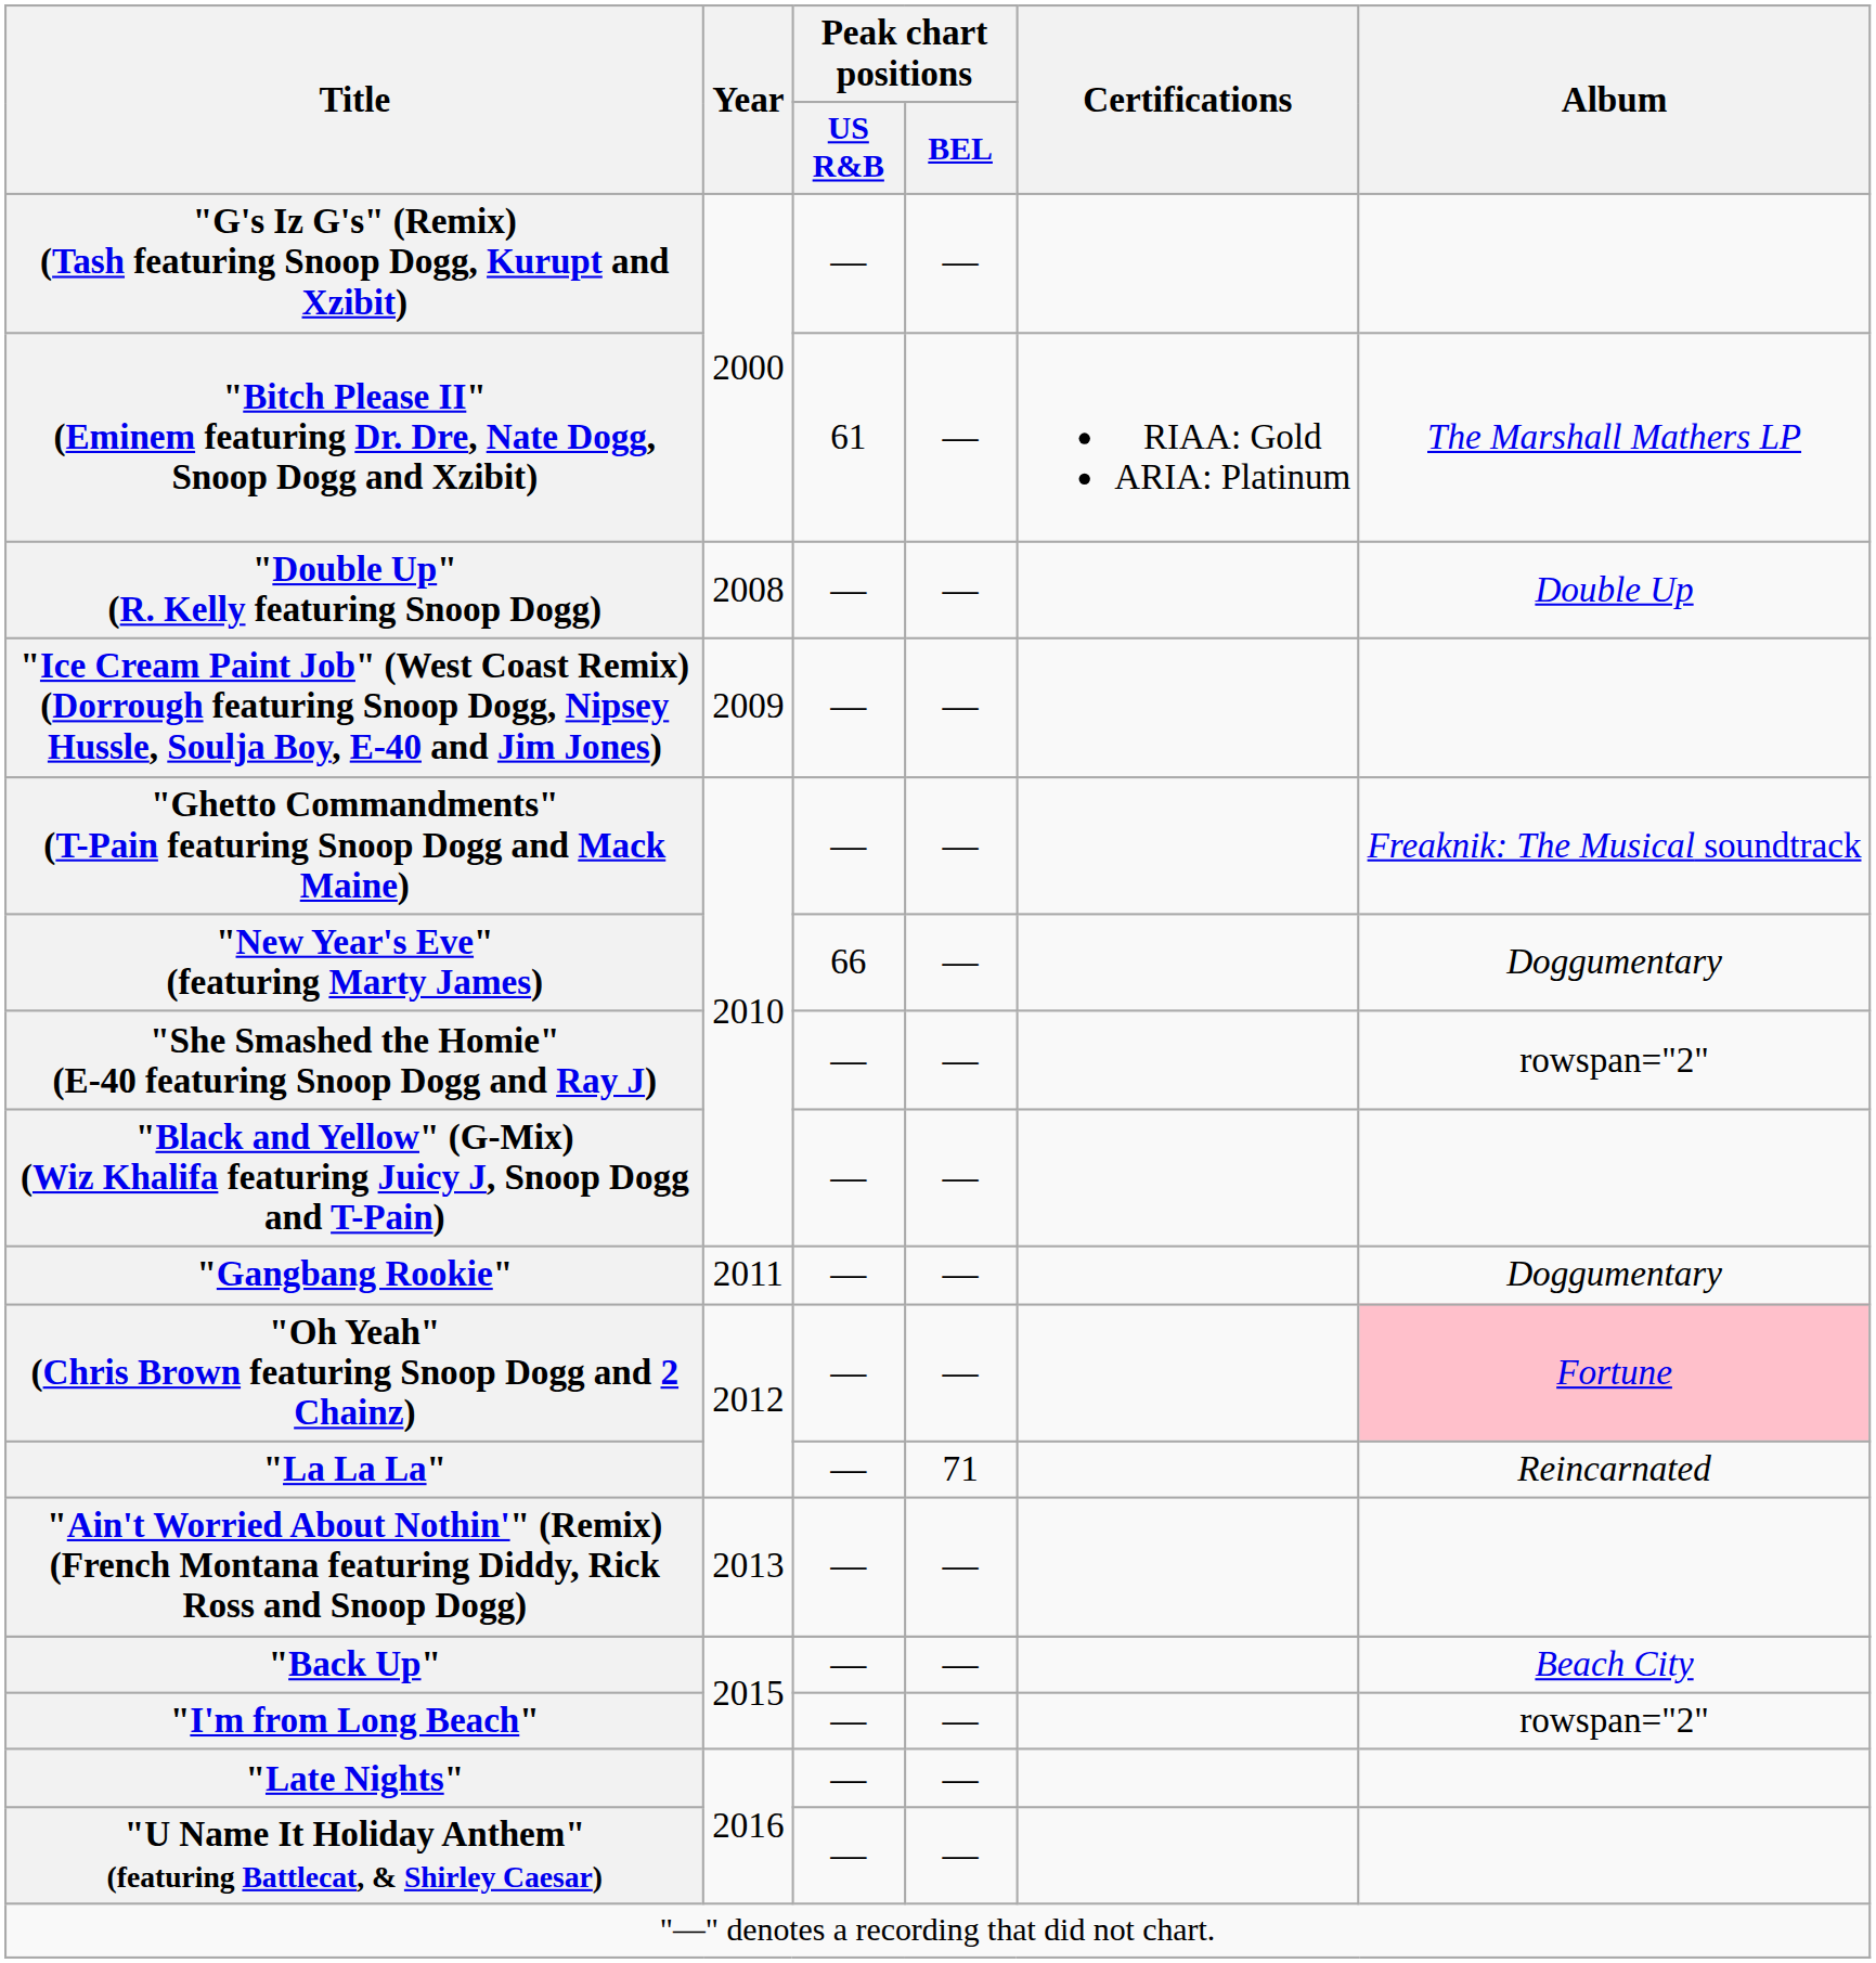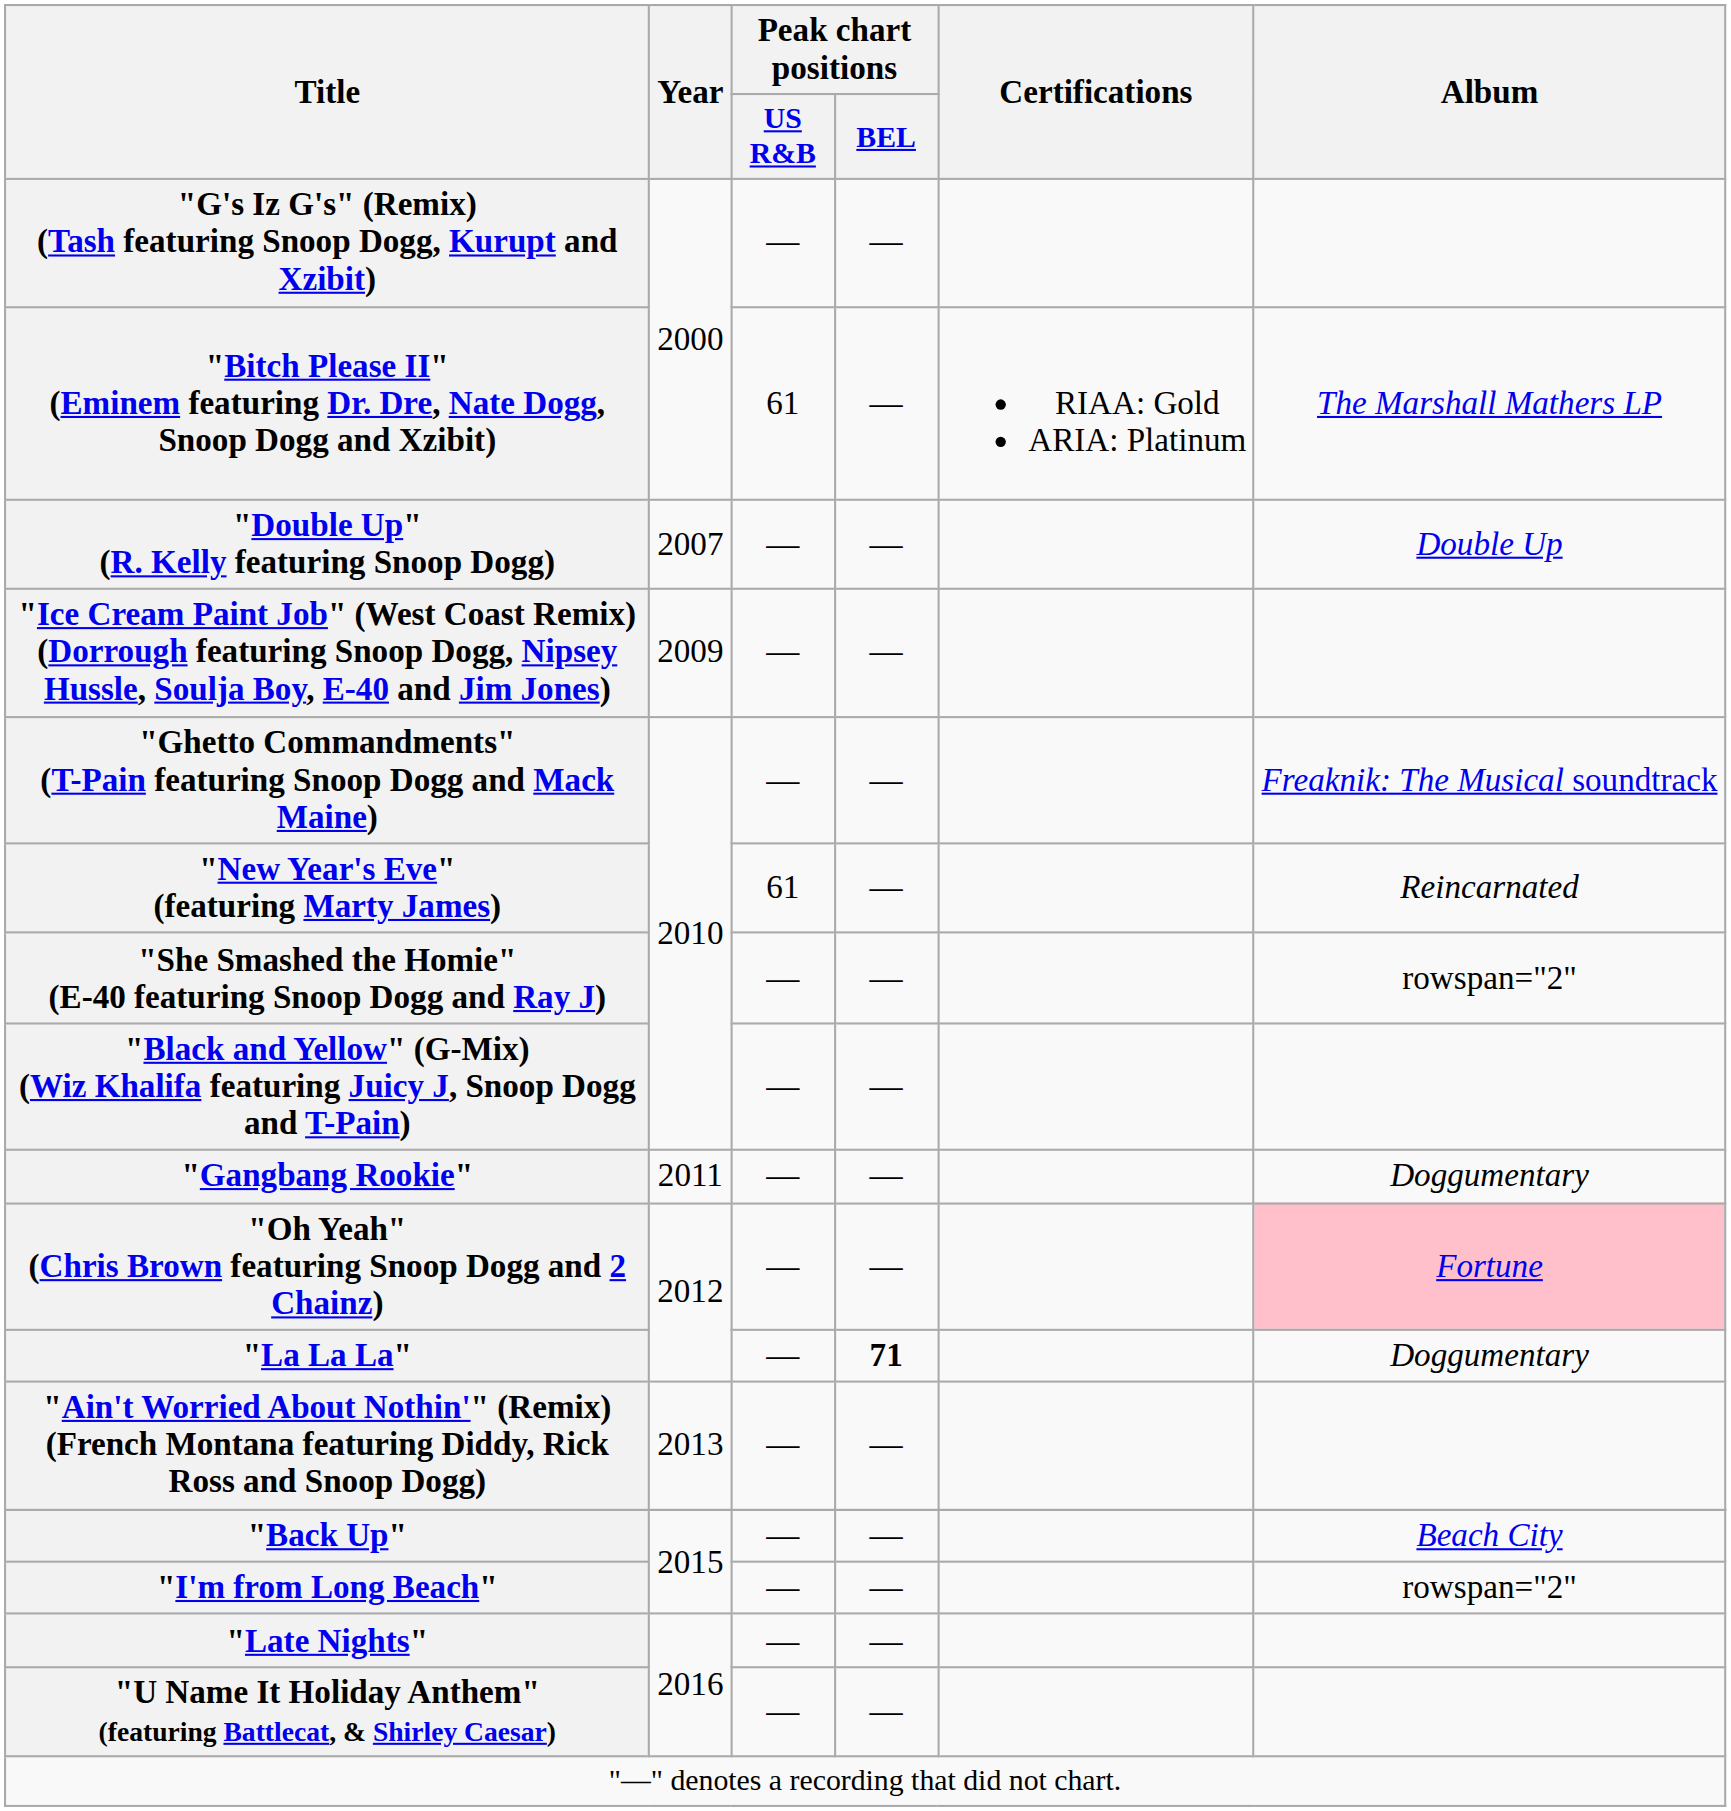 <table class="wikitable plainrowheaders" style="text-align:center;">
 <tr>
 <th scope="col" rowspan="2" style="width:19em;">Title</th>
 <th scope="col" rowspan="2">Year</th>
 <th scope="col" colspan="2">Peak chart positions</th>
 <th scope="col" rowspan="2">Certifications</th>
 <th scope="col" rowspan="2">Album</th>
 </tr>
 <tr>
 <th scope="col" style="width:3em; font-size:90%"><a href='#'>US<br>R&B</a><br></th>
 <th scope="col" style="width:3em;font-size:90%;"><a href='#'>BEL</a><br></th>
 </tr>
 <tr>
 <th scope="row">"G's Iz G's" (Remix)<br><span>(<a href='#'>Tash</a> featuring Snoop Dogg, <a href='#'>Kurupt</a> and <a href='#'>Xzibit</a>)</span></th>
 <td rowspan="2">2000</td>
 <td>—</td>
 <td>—</td>
 <td></td>
 <td></td>
 </tr>
 <tr>
 <th scope="row">"<a href='#'>Bitch Please II</a>"<br><span>(<a href='#'>Eminem</a> featuring <a href='#'>Dr. Dre</a>, <a href='#'>Nate Dogg</a>, Snoop Dogg and Xzibit)</span></th>
 <td>61</td>
 <td>—</td>
 <td><br><ul><li>RIAA: Gold</li><li>ARIA: Platinum</li></ul></td>
 <td><em><a href='#'>The Marshall Mathers LP</a></em></td>
 </tr>
 <tr>
 <th scope="row">"<a href='#'>Double Up</a>"<br><span>(<a href='#'>R. Kelly</a> featuring Snoop Dogg)</span></th>
-<td>2008</td>
+<td>2007</td>
 <td>—</td>
 <td>—</td>
 <td></td>
 <td><em><a href='#'>Double Up</a></em></td>
 </tr>
 <tr>
 <th scope="row">"<a href='#'>Ice Cream Paint Job</a>" (West Coast Remix)<br><span>(<a href='#'>Dorrough</a> featuring Snoop Dogg, <a href='#'>Nipsey Hussle</a>, <a href='#'>Soulja Boy</a>, <a href='#'>E-40</a> and <a href='#'>Jim Jones</a>)</span></th>
 <td>2009</td>
 <td>—</td>
 <td>—</td>
 <td></td>
 <td></td>
 </tr>
 <tr>
 <th scope="row">"Ghetto Commandments"<br><span>(<a href='#'>T-Pain</a> featuring Snoop Dogg and <a href='#'>Mack Maine</a>)</span></th>
 <td rowspan="4">2010</td>
 <td>—</td>
 <td>—</td>
 <td></td>
 <td><a href='#'><em>Freaknik: The Musical</em> soundtrack</a></td>
 </tr>
 <tr>
 <th scope="row">"<a href='#'>New Year's Eve</a>"<br><span>(featuring <a href='#'>Marty James</a>)</span></th>
-<td>66</td>
+<td>61</td>
 <td>—</td>
 <td></td>
-<td><em>Doggumentary</em></td>
+<td><em>Reincarnated</em></td>
 </tr>
 <tr>
 <th scope="row">"She Smashed the Homie"<br><span>(E-40 featuring Snoop Dogg and <a href='#'>Ray J</a>)</span></th>
 <td>—</td>
 <td>—</td>
 <td></td>
 <td>rowspan="2" </td>
 </tr>
 <tr>
 <th scope="row">"<a href='#'>Black and Yellow</a>" (G-Mix)<br><span>(<a href='#'>Wiz Khalifa</a> featuring <a href='#'>Juicy J</a>, Snoop Dogg and <a href='#'>T-Pain</a>)</span></th>
 <td>—</td>
 <td>—</td>
 <td></td>
 </tr>
 <tr>
 <th scope="row">"<a href='#'>Gangbang Rookie</a>"</th>
 <td>2011</td>
 <td>—</td>
 <td>—</td>
 <td></td>
 <td><em>Doggumentary</em></td>
 </tr>
 <tr>
 <th scope="row">"Oh Yeah"<br><span>(<a href='#'>Chris Brown</a> featuring Snoop Dogg and <a href='#'>2 Chainz</a>)</span></th>
 <td rowspan="2">2012</td>
 <td>—</td>
 <td>—</td>
 <td></td>
 <td style="background: pink;"><em><a href='#'>Fortune</a></em></td>
 </tr>
 <tr>
 <th scope="row">"<a href='#'>La La La</a>"</th>
 <td>—</td>
-<td>71</td>
+<td><strong>71</strong></td>
 <td></td>
-<td><em>Reincarnated</em></td>
+<td><em>Doggumentary</em></td>
 </tr>
 <tr>
 <th scope="row">"<a href='#'>Ain't Worried About Nothin'</a>" (Remix)<br><span>(French Montana featuring Diddy, Rick Ross and Snoop Dogg)</span></th>
 <td>2013</td>
 <td>—</td>
 <td>—</td>
 <td></td>
 <td></td>
 </tr>
 <tr>
 </tr>
 <tr>
 <th scope="row">"<a href='#'>Back Up</a>"</th>
 <td rowspan="2">2015</td>
 <td>—</td>
 <td>—</td>
 <td></td>
 <td><a href='#'><em>Beach City</em></a></td>
 </tr>
 <tr>
 <th scope="row">"<a href='#'>I'm from Long Beach</a>"</th>
 <td>—</td>
 <td>—</td>
 <td></td>
 <td>rowspan="2" </td>
 </tr>
 <tr>
 <th scope="row">"<a href='#'>Late Nights</a>"</th>
 <td rowspan="2">2016</td>
 <td>—</td>
 <td>—</td>
 <td></td>
 </tr>
 <tr>
 <th scope= "row">"U Name It Holiday Anthem"<br><span><small>(featuring <a href='#'>Battlecat</a>, & <a href='#'>Shirley Caesar</a>)</small></span></th>
 <td>—</td>
 <td>—</td>
 <td></td>
 <td></td>
 </tr>
 <tr>
 <td colspan="14" style="font-size:90%">"—" denotes a recording that did not chart.</td>
 </tr>
 </table>
